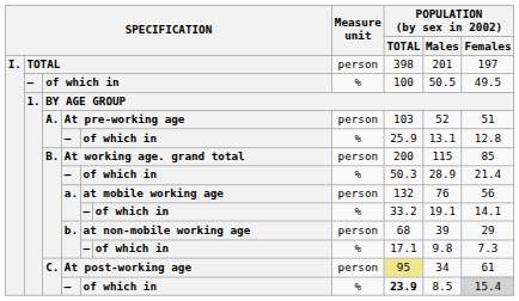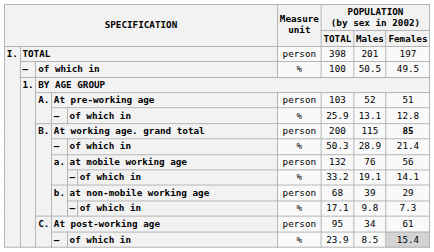 <table class="wikitable" style="font-size:85%; text-align:center">
 <tr>
 <th rowspan="2" colspan="6">SPECIFICATION</th>
 <th rowspan="2">Measure<br> unit</th>
 <th colspan="3" rowspan="1">POPULATION<br> (by sex in 2002)</th>
 </tr>
 <tr>
 <th>TOTAL</th>
 <th>Males</th>
 <th>Females</th>
 </tr>
 <tr>
 <th style="text-align:left" valign="top" rowspan="13">I.</th>
 <th style="text-align:left" colspan="5">TOTAL</th>
 <td>person</td>
 <td>398</td>
 <td>201</td>
 <td>197</td>
 </tr>
 <tr>
 <th style="text-align:left" valign="top">—</th>
 <th style="text-align:left" colspan="4">of which in</th>
 <td>%</td>
 <td>100</td>
 <td>50.5</td>
 <td>49.5</td>
 </tr>
 <tr>
 <th style="text-align:left" valign="top" rowspan="11">1.</th>
 <th style="text-align:left" colspan="19">BY AGE GROUP</th>
 </tr>
 <tr>
 <th style="text-align:left" valign="top" rowspan="2">A.</th>
 <th style="text-align:left" colspan="3">At pre-working age</th>
 <td>person</td>
 <td>103</td>
 <td>52</td>
 <td>51</td>
 </tr>
 <tr>
 <th style="text-align:left" valign="top">—</th>
 <th style="text-align:left" valign="top" colspan="2">of which in</th>
 <td>%</td>
 <td>25.9</td>
 <td>13.1</td>
 <td>12.8</td>
 </tr>
 <tr>
 <th style="text-align:left" valign="top" rowspan="6">B.</th>
 <th style="text-align:left" colspan="3">At working age. grand total</th>
 <td>person</td>
 <td>200</td>
 <td>115</td>
-<td>85</td>
+<td><strong>85</strong></td>
 </tr>
 <tr>
 <th style="text-align:left" valign="top">—</th>
 <th style="text-align:left" valign="top" colspan="2">of which in</th>
 <td>%</td>
 <td>50.3</td>
 <td>28.9</td>
 <td>21.4</td>
 </tr>
 <tr>
 <th style="text-align:left" valign="top" rowspan="2">a.</th>
 <th style="text-align:left" colspan="2">at mobile working age</th>
 <td>person</td>
 <td>132</td>
 <td>76</td>
 <td>56</td>
 </tr>
 <tr>
 <th style="text-align:left" valign="top">—</th>
 <th style="text-align:left" valign="top" colspan="1">of which in                        </th>
 <td>%</td>
 <td>33.2</td>
 <td>19.1</td>
 <td>14.1</td>
 </tr>
 <tr>
 <th style="text-align:left" valign="top" rowspan="2">b.</th>
 <th style="text-align:left" colspan="2">at non-mobile working age</th>
 <td>person</td>
 <td>68</td>
 <td>39</td>
 <td>29</td>
 </tr>
 <tr>
 <th style="text-align:left" valign="top">—</th>
 <th style="text-align:left" valign="top" colspan="1">of which in                        </th>
 <td>%</td>
 <td>17.1</td>
 <td>9.8</td>
 <td>7.3</td>
 </tr>
 <tr>
 <th style="text-align:left" valign="top" rowspan="2">C.</th>
 <th style="text-align:left" colspan="3">At post-working age</th>
 <td>person</td>
-<td style="background: khaki;">95</td>
+<td>95</td>
 <td>34</td>
 <td>61</td>
 </tr>
 <tr>
 <th style="text-align:left" valign="top">—</th>
 <th style="text-align:left" valign="top" colspan="2">of which in</th>
 <td>%</td>
-<td><strong>23.9</strong></td>
+<td>23.9</td>
 <td>8.5</td>
 <td style="background: lightgrey;">15.4</td>
 </tr>
 </table>
